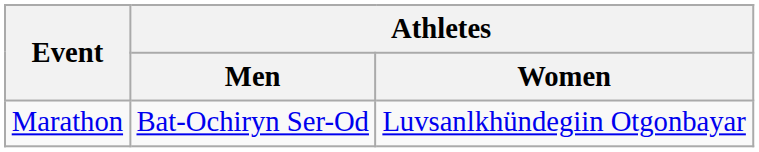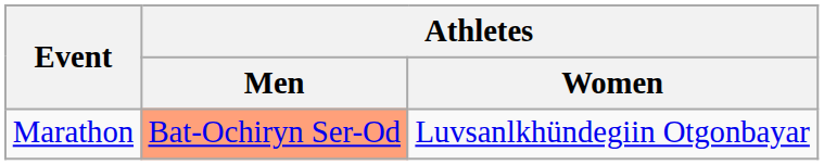 <table class=wikitable style="font-size:90%">
 <tr>
 <th rowspan=2>Event</th>
 <th colspan=2>Athletes</th>
 </tr>
 <tr>
 <th>Men</th>
 <th>Women</th>
 </tr>
 <tr>
 <td><a href='#'>Marathon</a></td>
-<td><a href='#'>Bat-Ochiryn Ser-Od</a></td>
+<td style="background: lightsalmon;"><a href='#'>Bat-Ochiryn Ser-Od</a></td>
 <td><a href='#'>Luvsanlkhündegiin Otgonbayar</a></td>
 </tr>
 </table>
